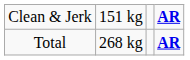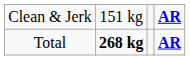 <table class = "wikitable" style="text-align:center;">
 <tr>
 <td>Clean & Jerk</td>
 <td>151 kg</td>
 <td align=left></td>
 <td><strong><a href='#'>AR</a></strong></td>
 </tr>
 <tr>
 <td>Total</td>
-<td>268 kg</td>
+<td><strong>268 kg</strong></td>
 <td align=left></td>
 <td><strong><a href='#'>AR</a></strong></td>
 </tr>
 </table>
